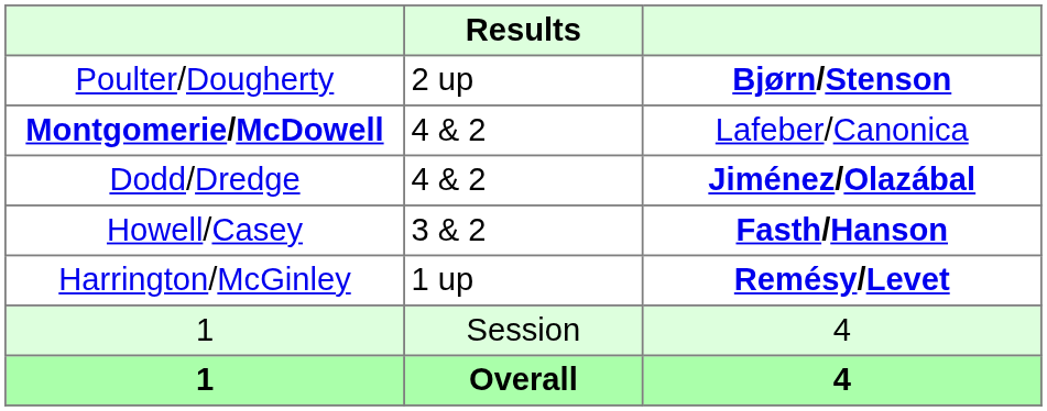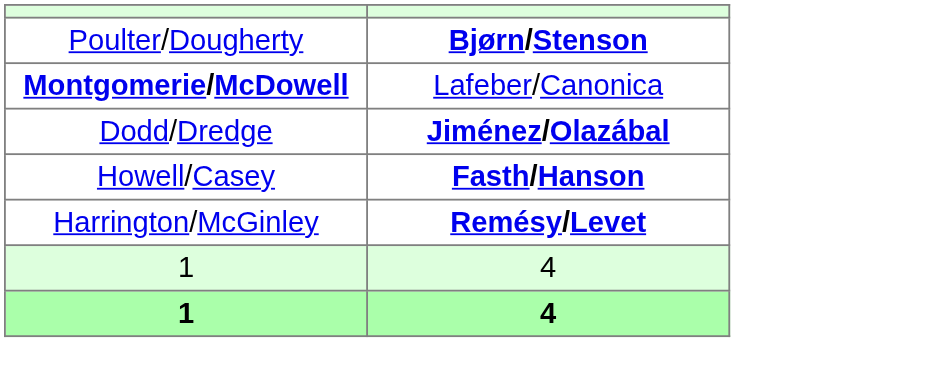 <table border="1" cellpadding="3" style="border-collapse:collapse; text-align:center;">
 <tr style="background:#ddffdd;">
 <th style="width:12em;"> </th>
-<th style="width:7em;">Results</th>
 <th style="width:12em;"></th>
 </tr>
 <tr>
 <td><a href='#'>Poulter</a>/<a href='#'>Dougherty</a></td>
-<td align=left> 2 up</td>
 <td><strong><a href='#'>Bjørn</a>/<a href='#'>Stenson</a></strong></td>
 </tr>
 <tr>
 <td><strong><a href='#'>Montgomerie</a>/<a href='#'>McDowell</a></strong></td>
-<td align=left> 4 & 2</td>
 <td><a href='#'>Lafeber</a>/<a href='#'>Canonica</a></td>
 </tr>
 <tr>
 <td><a href='#'>Dodd</a>/<a href='#'>Dredge</a></td>
-<td align=left> 4 & 2</td>
 <td><strong><a href='#'>Jiménez</a>/<a href='#'>Olazábal</a></strong></td>
 </tr>
 <tr>
 <td><a href='#'>Howell</a>/<a href='#'>Casey</a></td>
-<td align=left> 3 & 2</td>
 <td><strong><a href='#'>Fasth</a>/<a href='#'>Hanson</a></strong></td>
 </tr>
 <tr>
 <td><a href='#'>Harrington</a>/<a href='#'>McGinley</a></td>
-<td align=left> 1 up</td>
 <td><strong><a href='#'>Remésy</a>/<a href='#'>Levet</a></strong></td>
 </tr>
 <tr style="background:#ddffdd;">
 <td>1</td>
-<td>Session</td>
 <td>4</td>
 </tr>
 <tr style="background:#aaffaa;">
 <th>1</th>
-<th>Overall</th>
 <th>4</th>
 </tr>
 </table>
